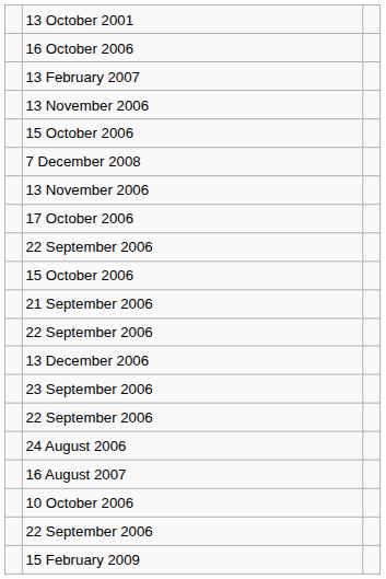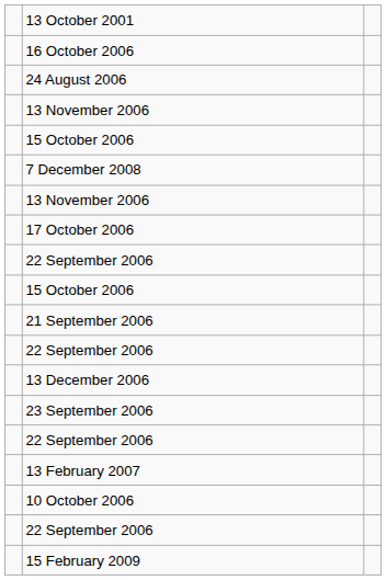 <table class="wikitable" style="font-size: 89%; float: left; width: 26em; margin-right: 1em; height: 560px;">
 <tr>
 <td></td>
 <td>13 October 2001</td>
 <td></td>
 </tr>
 <tr>
 <td></td>
 <td>16 October 2006</td>
 <td></td>
 </tr>
 <tr>
 <td></td>
-<td>13 February 2007</td>
+<td>24 August 2006</td>
 <td></td>
 </tr>
 <tr>
 <td></td>
 <td>13 November 2006</td>
 <td></td>
 </tr>
 <tr>
 <td></td>
 <td>15 October 2006</td>
 <td></td>
 </tr>
 <tr>
 <td></td>
 <td>7 December 2008</td>
 <td></td>
 </tr>
 <tr>
 <td></td>
 <td>13 November 2006</td>
 <td></td>
 </tr>
 <tr>
 <td></td>
 <td>17 October 2006</td>
 <td></td>
 </tr>
 <tr>
 <td></td>
 <td>22 September 2006</td>
 <td></td>
 </tr>
 <tr>
 <td></td>
 <td>15 October 2006</td>
 <td></td>
 </tr>
 <tr>
 <td></td>
 <td>21 September 2006</td>
 <td></td>
 </tr>
 <tr>
 <td></td>
 <td>22 September 2006</td>
 <td></td>
 </tr>
 <tr>
 <td></td>
 <td>13 December 2006</td>
 <td></td>
 </tr>
 <tr>
 <td></td>
 <td>23 September 2006</td>
 <td></td>
 </tr>
 <tr>
 <td></td>
 <td>22 September 2006</td>
 <td></td>
 </tr>
 <tr>
 <td></td>
-<td>24 August 2006</td>
-<td></td>
-</tr>
-<tr>
-<td></td>
-<td>16 August 2007</td>
+<td>13 February 2007</td>
 <td></td>
 </tr>
 <tr>
 <td></td>
 <td>10 October 2006</td>
 <td></td>
 </tr>
 <tr>
 <td></td>
 <td>22 September 2006</td>
 <td></td>
 </tr>
 <tr>
 <td></td>
 <td>15 February 2009</td>
 <td></td>
 </tr>
 </table>
